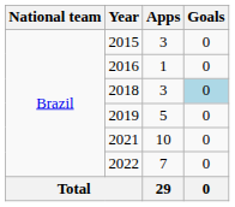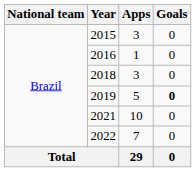 <table class="wikitable" style="text-align: center;">
 <tr>
 <th>National team</th>
 <th>Year</th>
 <th>Apps</th>
 <th>Goals</th>
 </tr>
 <tr>
 <td rowspan="6"><a href='#'>Brazil</a></td>
 <td>2015</td>
 <td>3</td>
 <td>0</td>
 </tr>
 <tr>
 <td>2016</td>
 <td>1</td>
 <td>0</td>
 </tr>
 <tr>
 <td>2018</td>
 <td>3</td>
-<td style="background: lightblue;">0</td>
+<td>0</td>
 </tr>
 <tr>
 <td>2019</td>
 <td>5</td>
-<td>0</td>
+<td><strong>0</strong></td>
 </tr>
 <tr>
 <td>2021</td>
 <td>10</td>
 <td>0</td>
 </tr>
 <tr>
 <td>2022</td>
 <td>7</td>
 <td>0</td>
 </tr>
 <tr>
 <th colspan="2">Total</th>
 <th>29</th>
 <th>0</th>
 </tr>
 </table>
